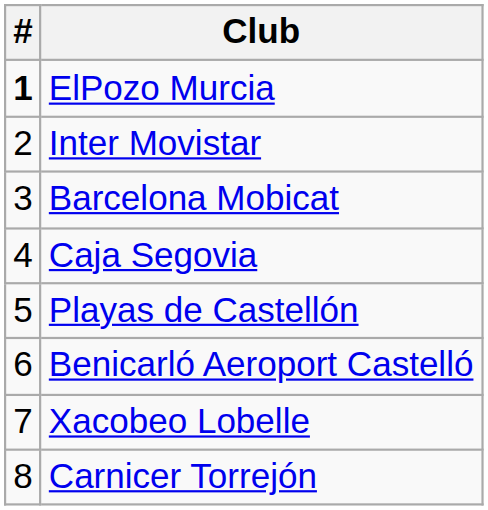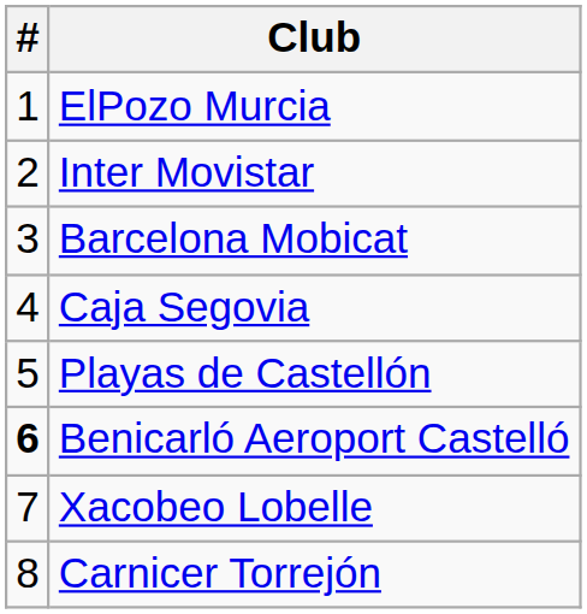 <table class="wikitable sortable">
 <tr>
 <th>#</th>
 <th>Club</th>
 </tr>
 <tr>
-<td><strong>1</strong></td>
+<td>1</td>
 <td><a href='#'>ElPozo Murcia</a></td>
 </tr>
 <tr>
 <td>2</td>
 <td><a href='#'>Inter Movistar</a></td>
 </tr>
 <tr>
 <td>3</td>
 <td><a href='#'>Barcelona Mobicat</a></td>
 </tr>
 <tr>
 <td>4</td>
 <td><a href='#'>Caja Segovia</a></td>
 </tr>
 <tr>
 <td>5</td>
 <td><a href='#'>Playas de Castellón</a></td>
 </tr>
 <tr>
-<td>6</td>
+<td><strong>6</strong></td>
 <td><a href='#'>Benicarló Aeroport Castelló</a></td>
 </tr>
 <tr>
 <td>7</td>
 <td><a href='#'>Xacobeo Lobelle</a></td>
 </tr>
 <tr>
 <td>8</td>
 <td><a href='#'>Carnicer Torrejón</a></td>
 </tr>
 </table>
